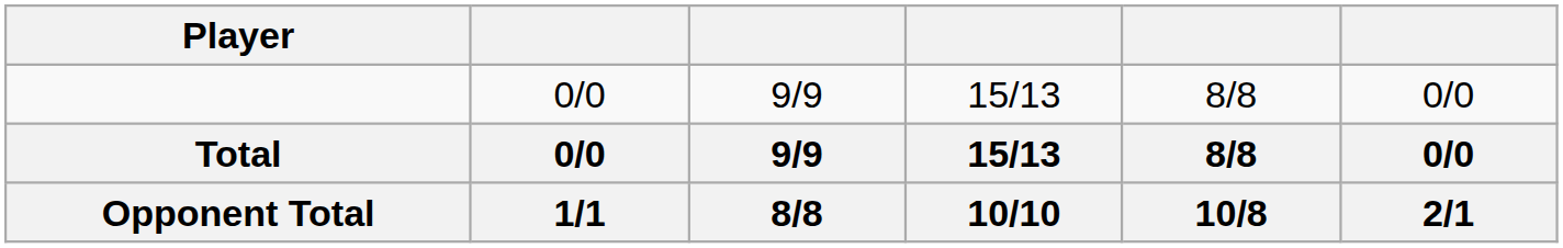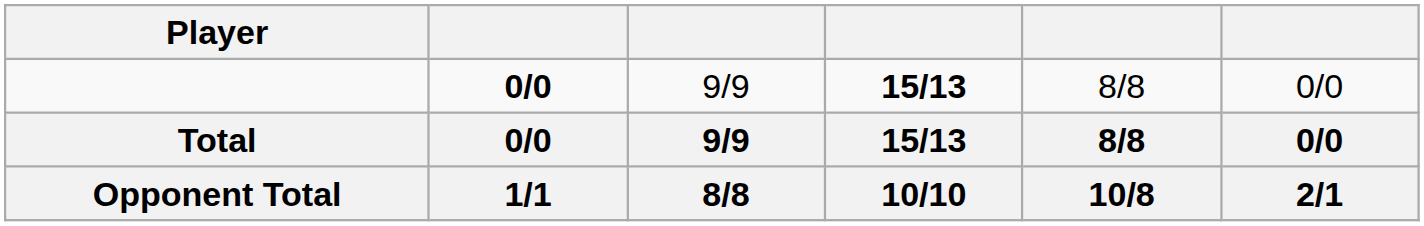 <table class="wikitable" style="text-align:center; width:50%; font-size:95%;">
 <tr>
 <th width="30%">Player</th>
 <th width="14%"></th>
 <th width="14%"></th>
 <th width="14%"></th>
 <th width="14%"></th>
 <th width="14%"></th>
 </tr>
 <tr>
 <td align=left></td>
-<td>0/0</td>
+<td><strong>0/0</strong></td>
 <td>9/9</td>
-<td>15/13</td>
+<td><strong>15/13</strong></td>
 <td>8/8</td>
 <td>0/0</td>
 </tr>
 <tr>
 <th>Total</th>
 <th>0/0</th>
 <th>9/9</th>
 <th>15/13</th>
 <th>8/8</th>
 <th>0/0</th>
 </tr>
 <tr>
 <th>Opponent Total</th>
 <th>1/1</th>
 <th>8/8</th>
 <th>10/10</th>
 <th>10/8</th>
 <th>2/1</th>
 </tr>
 </table>
